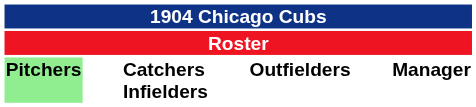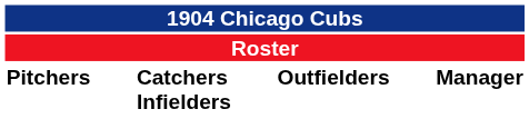 <table class="toccolours" style="font-size: 95%;">
 <tr>
 <th colspan="10" style="background-color: #0e3386; color: white; text-align: center;">1904 Chicago Cubs</th>
 </tr>
 <tr>
 <td colspan="10" style="background-color: #EE1422; color: white; text-align: center;"><strong>Roster</strong></td>
 </tr>
 <tr>
-<td valign="top" style="background: lightgreen;"><strong>Pitchers</strong><br>      </td>
+<td valign="top"><strong>Pitchers</strong><br>      </td>
 <td width="25px"></td>
 <td valign="top"><strong>Catchers</strong><br>    <strong>Infielders</strong>     </td>
 <td width="25px"></td>
 <td valign="top"><strong>Outfielders</strong><br>           </td>
 <td width="25px"></td>
 <td valign="top"><strong>Manager</strong><br></td>
 </tr>
 </table>
